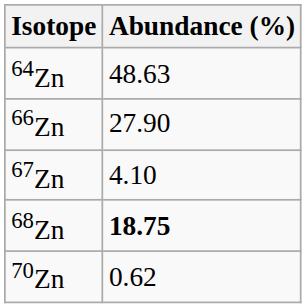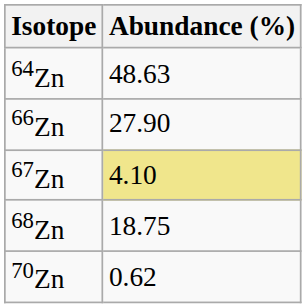 <table class="wikitable">
 <tr>
 <th>Isotope</th>
 <th>Abundance (%)</th>
 </tr>
 <tr>
 <td><sup>64</sup>Zn</td>
 <td>48.63</td>
 </tr>
 <tr>
 <td><sup>66</sup>Zn</td>
 <td>27.90</td>
 </tr>
 <tr>
 <td><sup>67</sup>Zn</td>
-<td>4.10</td>
+<td style="background: khaki;">4.10</td>
 </tr>
 <tr>
 <td><sup>68</sup>Zn</td>
-<td><strong>18.75</strong></td>
+<td>18.75</td>
 </tr>
 <tr>
 <td><sup>70</sup>Zn</td>
 <td>0.62</td>
 </tr>
 </table>
